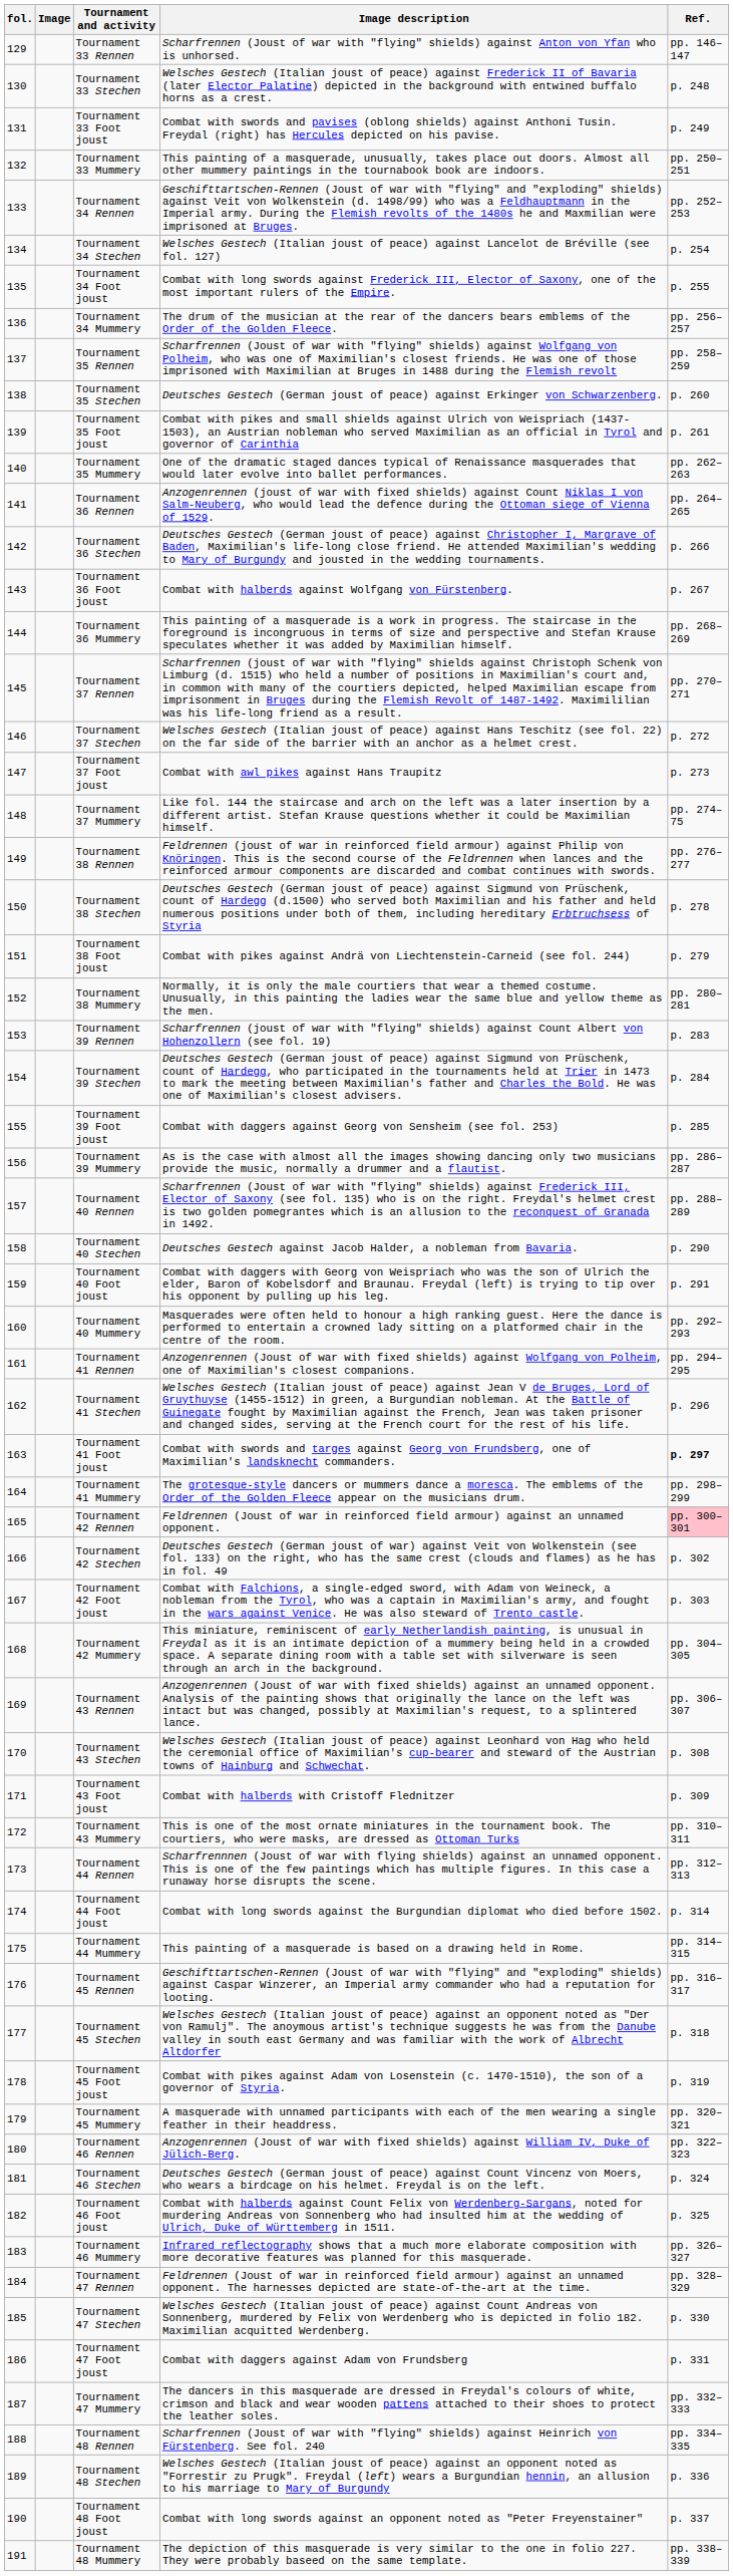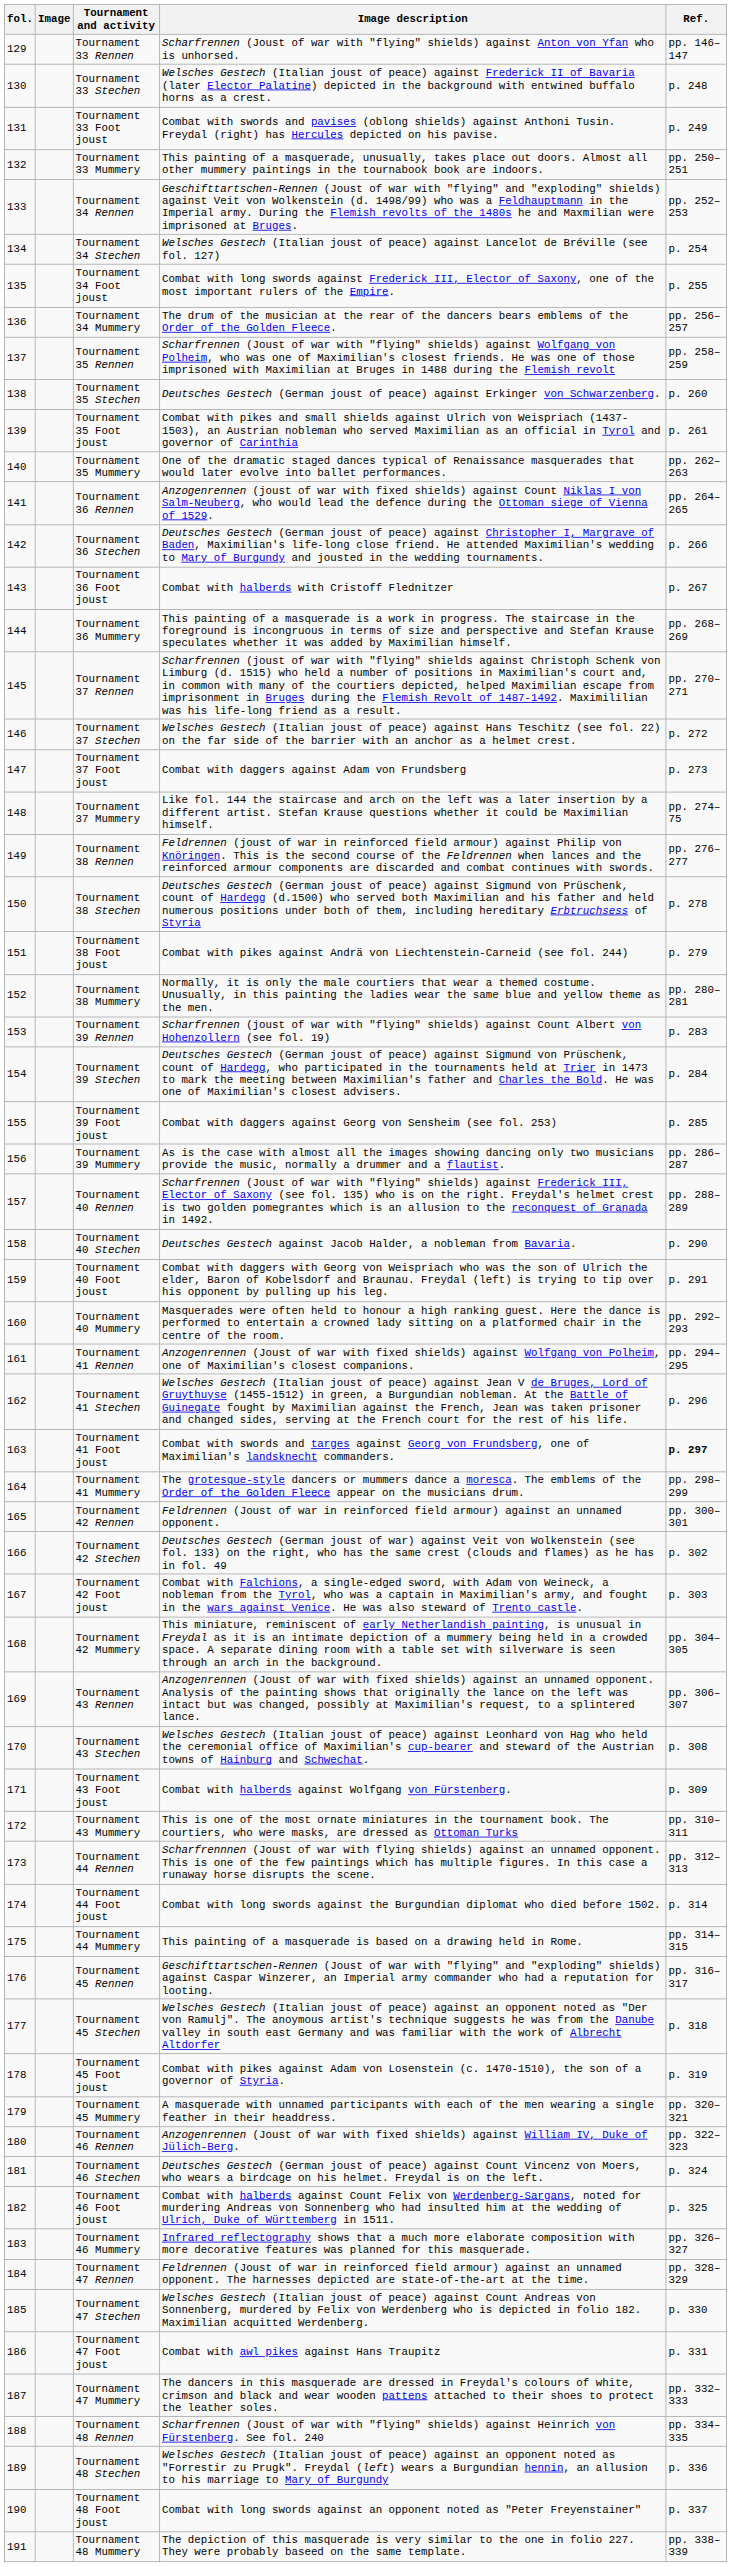 <table class="wikitable sortable" style="text-align:left;">
 <tr>
 <th class="unsortable">fol.</th>
 <th>Image</th>
 <th>Tournament and activity</th>
 <th>Image description</th>
 <th>Ref.</th>
 </tr>
 <tr>
 <td>129</td>
 <td></td>
 <td>Tournament 33 <em>Rennen</em></td>
 <td><em>Scharfrennen</em> (Joust of war with "flying" shields) against <a href='#'>Anton von Yfan</a> who is unhorsed.</td>
 <td>pp. 146–147</td>
 </tr>
 <tr>
 <td>130</td>
 <td></td>
 <td>Tournament 33 <em>Stechen</em></td>
 <td><em>Welsches Gestech</em> (Italian joust of peace) against <a href='#'>Frederick II of Bavaria</a> (later <a href='#'>Elector Palatine</a>) depicted in the background with entwined buffalo horns as a crest.</td>
 <td>p. 248</td>
 </tr>
 <tr>
 <td>131</td>
 <td></td>
 <td>Tournament 33 Foot joust</td>
 <td>Combat with swords and <a href='#'>pavises</a> (oblong shields) against Anthoni Tusin. Freydal (right) has <a href='#'>Hercules</a> depicted on his pavise.</td>
 <td>p. 249</td>
 </tr>
 <tr>
 <td>132</td>
 <td></td>
 <td>Tournament 33 Mummery</td>
 <td>This painting of a masquerade, unusually, takes place out doors. Almost all other mummery paintings in the tournabook book are indoors.</td>
 <td>pp. 250–251</td>
 </tr>
 <tr>
 <td>133</td>
 <td></td>
 <td>Tournament 34 <em>Rennen</em></td>
 <td><em>Geschifttartschen-Rennen</em> (Joust of war with "flying" and "exploding" shields) against Veit von Wolkenstein (d. 1498/99) who was a <a href='#'>Feldhauptmann</a> in the Imperial army. During the <a href='#'>Flemish revolts of the 1480s</a> he and Maxmilian were imprisoned at <a href='#'>Bruges</a>.</td>
 <td>pp. 252–253</td>
 </tr>
 <tr>
 <td>134</td>
 <td></td>
 <td>Tournament 34 <em>Stechen</em></td>
 <td><em>Welsches Gestech</em> (Italian joust of peace) against Lancelot de Bréville (see fol. 127)</td>
 <td>p. 254</td>
 </tr>
 <tr>
 <td>135</td>
 <td></td>
 <td>Tournament 34 Foot joust</td>
 <td>Combat with long swords against <a href='#'>Frederick III, Elector of Saxony</a>, one of the most important rulers of the <a href='#'>Empire</a>.</td>
 <td>p. 255</td>
 </tr>
 <tr>
 <td>136</td>
 <td></td>
 <td>Tournament 34 Mummery</td>
 <td>The drum of the musician at the rear of the dancers bears emblems of the <a href='#'>Order of the Golden Fleece</a>.</td>
 <td>pp. 256–257</td>
 </tr>
 <tr>
 <td>137</td>
 <td></td>
 <td>Tournament 35 <em>Rennen</em></td>
 <td><em>Scharfrennen</em> (Joust of war with "flying" shields) against <a href='#'>Wolfgang von Polheim</a>, who was one of Maximilian's closest friends. He was one of those imprisoned with Maximilian at Bruges in 1488 during the <a href='#'>Flemish revolt</a></td>
 <td>pp. 258–259</td>
 </tr>
 <tr>
 <td>138</td>
 <td></td>
 <td>Tournament 35 <em>Stechen</em></td>
 <td><em>Deutsches Gestech</em> (German joust of peace) against Erkinger <a href='#'>von Schwarzenberg</a>.</td>
 <td>p. 260</td>
 </tr>
 <tr>
 <td>139</td>
 <td></td>
 <td>Tournament 35 Foot joust</td>
 <td>Combat with pikes and small shields against Ulrich von Weispriach (1437-1503), an Austrian nobleman who served Maximilian as an official in <a href='#'>Tyrol</a> and governor of <a href='#'>Carinthia</a></td>
 <td>p. 261</td>
 </tr>
 <tr>
 <td>140</td>
 <td></td>
 <td>Tournament 35 Mummery</td>
 <td>One of the dramatic staged dances typical of Renaissance masquerades that would later evolve into ballet performances.</td>
 <td>pp. 262–263</td>
 </tr>
 <tr>
 <td>141</td>
 <td></td>
 <td>Tournament 36 <em>Rennen</em></td>
 <td><em>Anzogenrennen</em> (joust of war with fixed shields) against Count <a href='#'>Niklas I von Salm-Neuberg</a>, who would lead the defence during the <a href='#'>Ottoman siege of Vienna of 1529</a>.</td>
 <td>pp. 264–265</td>
 </tr>
 <tr>
 <td>142</td>
 <td></td>
 <td>Tournament 36 <em>Stechen</em></td>
 <td><em>Deutsches Gestech</em> (German joust of peace) against <a href='#'>Christopher I, Margrave of Baden</a>, Maximilian's life-long close friend. He attended Maximilian's wedding to <a href='#'>Mary of Burgundy</a> and jousted in the wedding tournaments.</td>
 <td>p. 266</td>
 </tr>
 <tr>
 <td>143</td>
 <td></td>
 <td>Tournament 36 Foot joust</td>
-<td>Combat with <a href='#'>halberds</a> against Wolfgang <a href='#'>von Fürstenberg</a>.</td>
+<td>Combat with <a href='#'>halberds</a> with Cristoff Flednitzer</td>
 <td>p. 267</td>
 </tr>
 <tr>
 <td>144</td>
 <td></td>
 <td>Tournament 36 Mummery</td>
 <td>This painting of a masquerade is a work in progress. The staircase in the foreground is incongruous in terms of size and perspective and Stefan Krause speculates whether it was added by Maximilian himself.</td>
 <td>pp. 268–269</td>
 </tr>
 <tr>
 <td>145</td>
 <td></td>
 <td>Tournament 37 <em>Rennen</em></td>
 <td><em>Scharfrennen</em> (joust of war with "flying" shields against Christoph Schenk von Limburg (d. 1515) who held a number of positions in Maximilian's court and, in common with many of the courtiers depicted, helped Maximilian escape from imprisonment in <a href='#'>Bruges</a> during the <a href='#'>Flemish Revolt of 1487-1492</a>. Maximililian was his life-long friend as a result.</td>
 <td>pp. 270–271</td>
 </tr>
 <tr>
 <td>146</td>
 <td></td>
 <td>Tournament 37 <em>Stechen</em></td>
 <td><em>Welsches Gestech</em> (Italian joust of peace) against Hans Teschitz (see fol. 22) on the far side of the barrier with an anchor as a helmet crest.</td>
 <td>p. 272</td>
 </tr>
 <tr>
 <td>147</td>
 <td></td>
 <td>Tournament 37 Foot joust</td>
-<td>Combat with <a href='#'>awl pikes</a> against Hans Traupitz</td>
+<td>Combat with daggers against Adam von Frundsberg</td>
 <td>p. 273</td>
 </tr>
 <tr>
 <td>148</td>
 <td></td>
 <td>Tournament 37 Mummery</td>
 <td>Like fol. 144 the staircase and arch on the left was a later insertion by a different artist. Stefan Krause questions whether it could be Maximilian himself.</td>
 <td>pp. 274–75</td>
 </tr>
 <tr>
 <td>149</td>
 <td></td>
 <td>Tournament 38 <em>Rennen</em></td>
 <td><em>Feldrennen</em> (joust of war in reinforced field armour) against Philip von <a href='#'>Knöringen</a>. This is the second course of the <em>Feldrennen</em> when lances and the reinforced armour components are discarded and combat continues with swords.</td>
 <td>pp. 276–277</td>
 </tr>
 <tr>
 <td>150</td>
 <td></td>
 <td>Tournament 38 <em>Stechen</em></td>
 <td><em>Deutsches Gestech</em> (German joust of peace) against Sigmund von Prüschenk, count of <a href='#'>Hardegg</a> (d.1500) who served both Maximilian and his father and held numerous positions under both of them, including hereditary <em><a href='#'>Erbtruchsess</a></em> of <a href='#'>Styria</a></td>
 <td>p. 278</td>
 </tr>
 <tr>
 <td>151</td>
 <td></td>
 <td>Tournament 38 Foot joust</td>
 <td>Combat with pikes against Andrä von Liechtenstein-Carneid (see fol. 244)</td>
 <td>p. 279</td>
 </tr>
 <tr>
 <td>152</td>
 <td></td>
 <td>Tournament 38 Mummery</td>
 <td>Normally, it is only the male courtiers that wear a themed costume. Unusually, in this painting the ladies wear the same blue and yellow theme as the men.</td>
 <td>pp. 280–281</td>
 </tr>
 <tr>
 <td>153</td>
 <td></td>
 <td>Tournament 39 <em>Rennen</em></td>
 <td><em>Scharfrennen</em> (joust of war with "flying" shields) against Count Albert <a href='#'>von Hohenzollern</a> (see fol. 19)</td>
 <td>p. 283</td>
 </tr>
 <tr>
 <td>154</td>
 <td></td>
 <td>Tournament 39 <em>Stechen</em></td>
 <td><em>Deutsches Gestech</em> (German joust of peace) against Sigmund von Prüschenk, count of <a href='#'>Hardegg</a>, who participated in the tournaments held at <a href='#'>Trier</a> in 1473 to mark the meeting between Maximilian's father and <a href='#'>Charles the Bold</a>. He was one of Maximilian's closest advisers.</td>
 <td>p. 284</td>
 </tr>
 <tr>
 <td>155</td>
 <td></td>
 <td>Tournament 39 Foot joust</td>
 <td>Combat with daggers against Georg von Sensheim (see fol. 253)</td>
 <td>p. 285</td>
 </tr>
 <tr>
 <td>156</td>
 <td></td>
 <td>Tournament 39 Mummery</td>
 <td>As is the case with almost all the images showing dancing only two musicians provide the music, normally a drummer and a <a href='#'>flautist</a>.</td>
 <td>pp. 286–287</td>
 </tr>
 <tr>
 <td>157</td>
 <td></td>
 <td>Tournament 40 <em>Rennen</em></td>
 <td><em>Scharfrennen</em> (Joust of war with "flying" shields) against <a href='#'>Frederick III, Elector of Saxony</a> (see fol. 135) who is on the right. Freydal's helmet crest is two golden pomegrantes which is an allusion to the <a href='#'>reconquest of Granada</a> in 1492.</td>
 <td>pp. 288–289</td>
 </tr>
 <tr>
 <td>158</td>
 <td></td>
 <td>Tournament 40 <em>Stechen</em></td>
 <td><em>Deutsches Gestech</em> against Jacob Halder, a nobleman from <a href='#'>Bavaria</a>.</td>
 <td>p. 290</td>
 </tr>
 <tr>
 <td>159</td>
 <td></td>
 <td>Tournament 40 Foot joust</td>
 <td>Combat with daggers with Georg von Weispriach who was the son of Ulrich the elder, Baron of Kobelsdorf and Braunau. Freydal (left) is trying to tip over his opponent by pulling up his leg.</td>
 <td>p. 291</td>
 </tr>
 <tr>
 <td>160</td>
 <td></td>
 <td>Tournament 40 Mummery</td>
 <td>Masquerades were often held to honour a high ranking guest. Here the dance is performed to entertain a crowned lady sitting on a platformed chair in the centre of the room.</td>
 <td>pp. 292–293</td>
 </tr>
 <tr>
 <td>161</td>
 <td></td>
 <td>Tournament 41 <em>Rennen</em></td>
 <td><em>Anzogenrennen</em> (Joust of war with fixed shields) against <a href='#'>Wolfgang von Polheim</a>, one of Maximilian's closest companions.</td>
 <td>pp. 294–295</td>
 </tr>
 <tr>
 <td>162</td>
 <td></td>
 <td>Tournament 41 <em>Stechen</em></td>
 <td><em>Welsches Gestech</em> (Italian joust of peace) against Jean V <a href='#'>de Bruges, Lord of Gruythuyse</a> (1455-1512) in green, a Burgundian nobleman. At the <a href='#'>Battle of Guinegate</a> fought by Maximilian against the French, Jean was taken prisoner and changed sides, serving at the French court for the rest of his life.</td>
 <td>p. 296</td>
 </tr>
 <tr>
 <td>163</td>
 <td></td>
 <td>Tournament 41 Foot joust</td>
 <td>Combat with swords and <a href='#'>targes</a> against <a href='#'>Georg von Frundsberg</a>, one of Maximilian's <a href='#'>landsknecht</a> commanders.</td>
 <td><strong>p. 297</strong></td>
 </tr>
 <tr>
 <td>164</td>
 <td></td>
 <td>Tournament 41 Mummery</td>
 <td>The <a href='#'>grotesque-style</a> dancers or mummers dance a <a href='#'>moresca</a>. The emblems of the <a href='#'>Order of the Golden Fleece</a> appear on the musicians drum.</td>
 <td>pp. 298–299</td>
 </tr>
 <tr>
 <td>165</td>
 <td></td>
 <td>Tournament 42 <em>Rennen</em></td>
 <td><em>Feldrennen</em> (Joust of war in reinforced field armour) against an unnamed opponent.</td>
-<td style="background: pink;">pp. 300–301</td>
+<td>pp. 300–301</td>
 </tr>
 <tr>
 <td>166</td>
 <td></td>
 <td>Tournament 42 <em>Stechen</em></td>
 <td><em>Deutsches Gestech</em> (German joust of war) against Veit von Wolkenstein (see fol. 133) on the right, who has the same crest (clouds and flames) as he has in fol. 49</td>
 <td>p. 302</td>
 </tr>
 <tr>
 <td>167</td>
 <td></td>
 <td>Tournament 42 Foot joust</td>
 <td>Combat with <a href='#'>Falchions</a>, a single-edged sword, with Adam von Weineck, a nobleman from the <a href='#'>Tyrol</a>, who was a captain in Maximilian's army, and fought in the <a href='#'>wars against Venice</a>. He was also steward of <a href='#'>Trento castle</a>.</td>
 <td>p. 303</td>
 </tr>
 <tr>
 <td>168</td>
 <td></td>
 <td>Tournament 42 Mummery</td>
 <td>This miniature, reminiscent of <a href='#'>early Netherlandish painting</a>, is unusual in <em>Freydal</em> as it is an intimate depiction of a mummery being held in a crowded space. A separate dining room with a table set with silverware is seen through an arch in the background.</td>
 <td>pp. 304–305</td>
 </tr>
 <tr>
 <td>169</td>
 <td></td>
 <td>Tournament 43 <em>Rennen</em></td>
 <td><em>Anzogenrennen</em> (Joust of war with fixed shields) against an unnamed opponent. Analysis of the painting shows that originally the lance on the left was intact but was changed, possibly at Maximilian's request, to a splintered lance.</td>
 <td>pp. 306–307</td>
 </tr>
 <tr>
 <td>170</td>
 <td></td>
 <td>Tournament 43 <em>Stechen</em></td>
 <td><em>Welsches Gestech</em> (Italian joust of peace) against Leonhard von Hag who held the ceremonial office of Maximilian's <a href='#'>cup-bearer</a> and steward of the Austrian towns of <a href='#'>Hainburg</a> and <a href='#'>Schwechat</a>.</td>
 <td>p. 308</td>
 </tr>
 <tr>
 <td>171</td>
 <td></td>
 <td>Tournament 43 Foot joust</td>
-<td>Combat with <a href='#'>halberds</a> with Cristoff Flednitzer</td>
+<td>Combat with <a href='#'>halberds</a> against Wolfgang <a href='#'>von Fürstenberg</a>.</td>
 <td>p. 309</td>
 </tr>
 <tr>
 <td>172</td>
 <td></td>
 <td>Tournament 43 Mummery</td>
 <td>This is one of the most ornate miniatures in the tournament book. The courtiers, who were masks, are dressed as <a href='#'>Ottoman Turks</a></td>
 <td>pp. 310–311</td>
 </tr>
 <tr>
 <td>173</td>
 <td></td>
 <td>Tournament 44 <em>Rennen</em></td>
 <td><em>Scharfrennnen</em> (Joust of war with flying shields) against an unnamed opponent. This is one of the few paintings which has multiple figures. In this case a runaway horse disrupts the scene.</td>
 <td>pp. 312–313</td>
 </tr>
 <tr>
 <td>174</td>
 <td></td>
 <td>Tournament 44 Foot joust</td>
 <td>Combat with long swords against the Burgundian diplomat  who died before 1502.</td>
 <td>p. 314</td>
 </tr>
 <tr>
 <td>175</td>
 <td></td>
 <td>Tournament 44 Mummery</td>
 <td>This painting of a masquerade is based on a drawing held in Rome.</td>
 <td>pp. 314–315</td>
 </tr>
 <tr>
 <td>176</td>
 <td></td>
 <td>Tournament 45 <em>Rennen</em></td>
 <td><em>Geschifttartschen-Rennen</em> (Joust of war with "flying" and "exploding" shields) against Caspar Winzerer, an Imperial army commander who had a reputation for looting.</td>
 <td>pp. 316–317</td>
 </tr>
 <tr>
 <td>177</td>
 <td></td>
 <td>Tournament 45 <em>Stechen</em></td>
 <td><em>Welsches Gestech</em> (Italian joust of peace) against an opponent noted as "Der von Ramulj". The anoymous artist's technique suggests he was from the <a href='#'>Danube</a> valley in south east Germany and was familiar with the work of <a href='#'>Albrecht Altdorfer</a></td>
 <td>p. 318</td>
 </tr>
 <tr>
 <td>178</td>
 <td></td>
 <td>Tournament 45 Foot joust</td>
 <td>Combat with pikes against Adam von Losenstein (c. 1470-1510), the son of a governor of <a href='#'>Styria</a>.</td>
 <td>p. 319</td>
 </tr>
 <tr>
 <td>179</td>
 <td></td>
 <td>Tournament 45 Mummery</td>
 <td>A masquerade with unnamed participants with each of the men wearing a single feather in their headdress.</td>
 <td>pp. 320–321</td>
 </tr>
 <tr>
 <td>180</td>
 <td></td>
 <td>Tournament 46 <em>Rennen</em></td>
 <td><em>Anzogenrennen</em> (Joust of war with fixed shields) against <a href='#'>William IV, Duke of Jülich-Berg</a>.</td>
 <td>pp. 322–323</td>
 </tr>
 <tr>
 <td>181</td>
 <td></td>
 <td>Tournament 46 <em>Stechen</em></td>
 <td><em>Deutsches Gestech</em> (German joust of peace) against Count Vincenz von Moers, who wears a birdcage on his helmet. Freydal is on the left.</td>
 <td>p. 324</td>
 </tr>
 <tr>
 <td>182</td>
 <td></td>
 <td>Tournament 46 Foot joust</td>
 <td>Combat with <a href='#'>halberds</a> against Count Felix von <a href='#'>Werdenberg-Sargans</a>, noted for murdering Andreas von Sonnenberg who had insulted him at the wedding of <a href='#'>Ulrich, Duke of Württemberg</a> in 1511.</td>
 <td>p. 325</td>
 </tr>
 <tr>
 <td>183</td>
 <td></td>
 <td>Tournament 46 Mummery</td>
 <td><a href='#'>Infrared reflectography</a> shows that a much more elaborate composition with more decorative features was planned for this masquerade.</td>
 <td>pp. 326–327</td>
 </tr>
 <tr>
 <td>184</td>
 <td></td>
 <td>Tournament 47 <em>Rennen</em></td>
 <td><em>Feldrennen</em> (Joust of war in reinforced field armour) against an unnamed opponent. The harnesses depicted are state-of-the-art at the time.</td>
 <td>pp. 328–329</td>
 </tr>
 <tr>
 <td>185</td>
 <td></td>
 <td>Tournament 47 <em>Stechen</em></td>
 <td><em>Welsches Gestech</em> (Italian joust of peace) against Count Andreas von Sonnenberg, murdered by Felix von Werdenberg who is depicted in folio 182. Maximilian acquitted Werdenberg.</td>
 <td>p. 330</td>
 </tr>
 <tr>
 <td>186</td>
 <td></td>
 <td>Tournament 47 Foot joust</td>
-<td>Combat with daggers against Adam von Frundsberg</td>
+<td>Combat with <a href='#'>awl pikes</a> against Hans Traupitz</td>
 <td>p. 331</td>
 </tr>
 <tr>
 <td>187</td>
 <td></td>
 <td>Tournament 47 Mummery</td>
 <td>The dancers in this masquerade are dressed in Freydal's colours of white, crimson and black and wear wooden <a href='#'>pattens</a> attached to their shoes to protect the leather soles.</td>
 <td>pp. 332–333</td>
 </tr>
 <tr>
 <td>188</td>
 <td></td>
 <td>Tournament 48 <em>Rennen</em></td>
 <td><em>Scharfrennen</em> (Joust of war with "flying" shields) against Heinrich <a href='#'>von Fürstenberg</a>. See fol. 240</td>
 <td>pp. 334–335</td>
 </tr>
 <tr>
 <td>189</td>
 <td></td>
 <td>Tournament 48 <em>Stechen</em></td>
 <td><em>Welsches Gestech</em> (Italian joust of peace) against an opponent noted as "Forrestir zu Prugk". Freydal (<em>left</em>) wears a Burgundian <a href='#'>hennin</a>, an allusion to his marriage to <a href='#'>Mary of Burgundy</a></td>
 <td>p. 336</td>
 </tr>
 <tr>
 <td>190</td>
 <td></td>
 <td>Tournament 48 Foot joust</td>
 <td>Combat with long swords against an opponent noted as "Peter Freyenstainer"</td>
 <td>p. 337</td>
 </tr>
 <tr>
 <td>191</td>
 <td></td>
 <td>Tournament 48 Mummery</td>
 <td>The depiction of this masquerade is very similar to the one in folio 227. They were probably baseed on the same template.</td>
 <td>pp. 338–339</td>
 </tr>
 </table>
